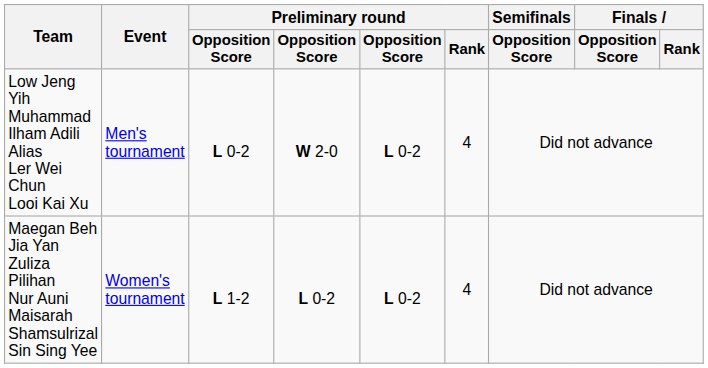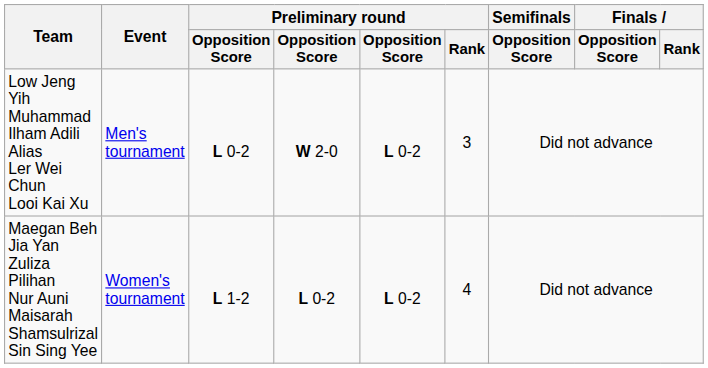 <table class="wikitable" style="font-size:90%">
 <tr>
 <th rowspan="2">Team</th>
 <th rowspan="2">Event</th>
 <th colspan="4">Preliminary round</th>
 <th>Semifinals</th>
 <th colspan="2">Finals / </th>
 </tr>
 <tr style="font-size:95%">
 <th>Opposition<br>Score</th>
 <th>Opposition<br>Score</th>
 <th>Opposition<br>Score</th>
 <th>Rank</th>
 <th>Opposition<br>Score</th>
 <th>Opposition<br>Score</th>
 <th>Rank</th>
 </tr>
 <tr align="center">
 <td align="left">Low Jeng Yih<br>Muhammad Ilham Adili Alias<br>Ler Wei Chun<br>Looi Kai Xu</td>
 <td align="left"><a href='#'>Men's tournament</a></td>
 <td><br><strong>L</strong> 0-2</td>
 <td><br><strong>W</strong> 2-0</td>
 <td><br><strong>L</strong> 0-2</td>
-<td>4</td>
+<td>3</td>
 <td colspan=3>Did not advance</td>
 </tr>
 <tr align="center">
 <td align="left">Maegan Beh Jia Yan<br>Zuliza Pilihan<br>Nur Auni Maisarah Shamsulrizal<br>Sin Sing Yee</td>
 <td align="left"><a href='#'>Women's tournament</a></td>
 <td><br><strong>L</strong> 1-2</td>
 <td><br><strong>L</strong> 0-2</td>
 <td><br><strong>L</strong> 0-2</td>
 <td>4</td>
 <td colspan=3>Did not advance</td>
 </tr>
 </table>
